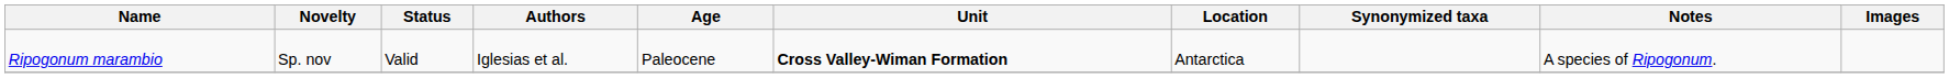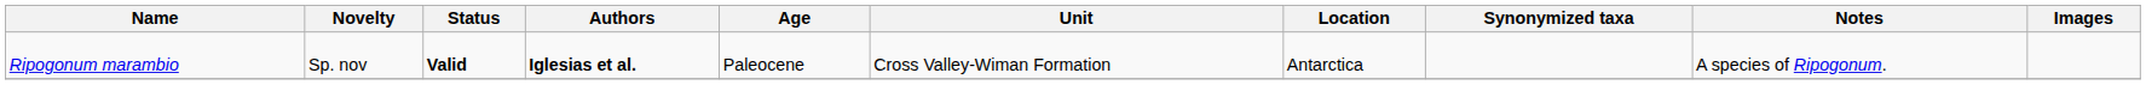 <table class="wikitable sortable" align="center" width="100%">
 <tr>
 <th>Name</th>
 <th>Novelty</th>
 <th>Status</th>
 <th>Authors</th>
 <th>Age</th>
 <th>Unit</th>
 <th>Location</th>
 <th>Synonymized taxa</th>
 <th>Notes</th>
 <th>Images</th>
 </tr>
 <tr>
 <td><br><em><a href='#'>Ripogonum marambio</a></em></td>
 <td><br>Sp. nov</td>
-<td><br>Valid</td>
-<td><br>Iglesias et al.</td>
+<td><strong><br>Valid</strong></td>
+<td><strong><br>Iglesias et al.</strong></td>
 <td><br>Paleocene</td>
-<td><strong><br>Cross Valley-Wiman Formation</strong></td>
+<td><br>Cross Valley-Wiman Formation</td>
 <td><br>Antarctica</td>
 <td></td>
 <td><br>A species of <em><a href='#'>Ripogonum</a></em>.</td>
 <td></td>
 </tr>
 <tr>
 </tr>
 </table>
